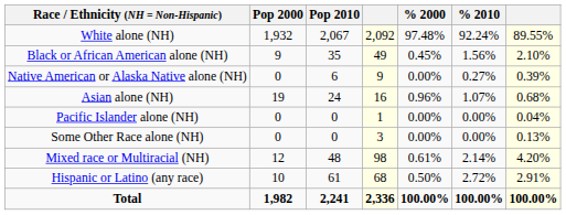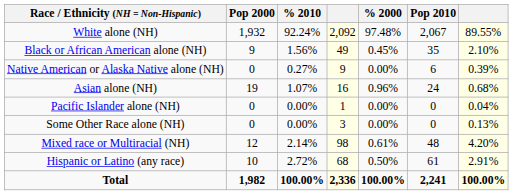 <table class="wikitable"  style="text-align:center;">
 <tr>
 <th>Race / Ethnicity <small>(<em>NH = Non-Hispanic</em>)</small></th>
 <th>Pop 2000</th>
-<th>Pop 2010</th>
+<th>% 2010</th>
 <th></th>
 <th>% 2000</th>
-<th>% 2010</th>
+<th>Pop 2010</th>
 <th></th>
 </tr>
 <tr>
 <td><a href='#'>White</a> alone (NH)</td>
 <td>1,932</td>
-<td>2,067</td>
+<td>92.24%</td>
 <td style='background: #ffffe6;'>2,092</td>
 <td>97.48%</td>
-<td>92.24%</td>
+<td>2,067</td>
 <td style='background: #ffffe6;'>89.55%</td>
 </tr>
 <tr>
 <td><a href='#'>Black or African American</a> alone (NH)</td>
 <td>9</td>
-<td>35</td>
+<td>1.56%</td>
 <td style='background: #ffffe6;'>49</td>
 <td>0.45%</td>
-<td>1.56%</td>
+<td>35</td>
 <td style='background: #ffffe6;'>2.10%</td>
 </tr>
 <tr>
 <td><a href='#'>Native American</a> or <a href='#'>Alaska Native</a> alone (NH)</td>
 <td>0</td>
-<td>6</td>
+<td>0.27%</td>
 <td style='background: #ffffe6;'>9</td>
 <td>0.00%</td>
-<td>0.27%</td>
+<td>6</td>
 <td style='background: #ffffe6;'>0.39%</td>
 </tr>
 <tr>
 <td><a href='#'>Asian</a> alone (NH)</td>
 <td>19</td>
-<td>24</td>
+<td>1.07%</td>
 <td style='background: #ffffe6;'>16</td>
 <td>0.96%</td>
-<td>1.07%</td>
+<td>24</td>
 <td style='background: #ffffe6;'>0.68%</td>
 </tr>
 <tr>
 <td><a href='#'>Pacific Islander</a> alone (NH)</td>
 <td>0</td>
-<td>0</td>
+<td>0.00%</td>
 <td style='background: #ffffe6;'>1</td>
 <td>0.00%</td>
-<td>0.00%</td>
+<td>0</td>
 <td style='background: #ffffe6;'>0.04%</td>
 </tr>
 <tr>
 <td>Some Other Race alone (NH)</td>
 <td>0</td>
-<td>0</td>
+<td>0.00%</td>
 <td style='background: #ffffe6;'>3</td>
 <td>0.00%</td>
-<td>0.00%</td>
+<td>0</td>
 <td style='background: #ffffe6;'>0.13%</td>
 </tr>
 <tr>
 <td><a href='#'>Mixed race or Multiracial</a> (NH)</td>
 <td>12</td>
-<td>48</td>
+<td>2.14%</td>
 <td style='background: #ffffe6;'>98</td>
 <td>0.61%</td>
-<td>2.14%</td>
+<td>48</td>
 <td style='background: #ffffe6;'>4.20%</td>
 </tr>
 <tr>
 <td><a href='#'>Hispanic or Latino</a> (any race)</td>
 <td>10</td>
-<td>61</td>
+<td>2.72%</td>
 <td style='background: #ffffe6;'>68</td>
 <td>0.50%</td>
-<td>2.72%</td>
+<td>61</td>
 <td style='background: #ffffe6;'>2.91%</td>
 </tr>
 <tr>
 <td><strong>Total</strong></td>
 <td><strong>1,982</strong></td>
-<td><strong>2,241</strong></td>
+<td><strong>100.00%</strong></td>
 <td style='background: #ffffe6;'><strong>2,336</strong></td>
 <td><strong>100.00%</strong></td>
-<td><strong>100.00%</strong></td>
+<td><strong>2,241</strong></td>
 <td style='background: #ffffe6;'><strong>100.00%</strong></td>
 </tr>
 </table>
